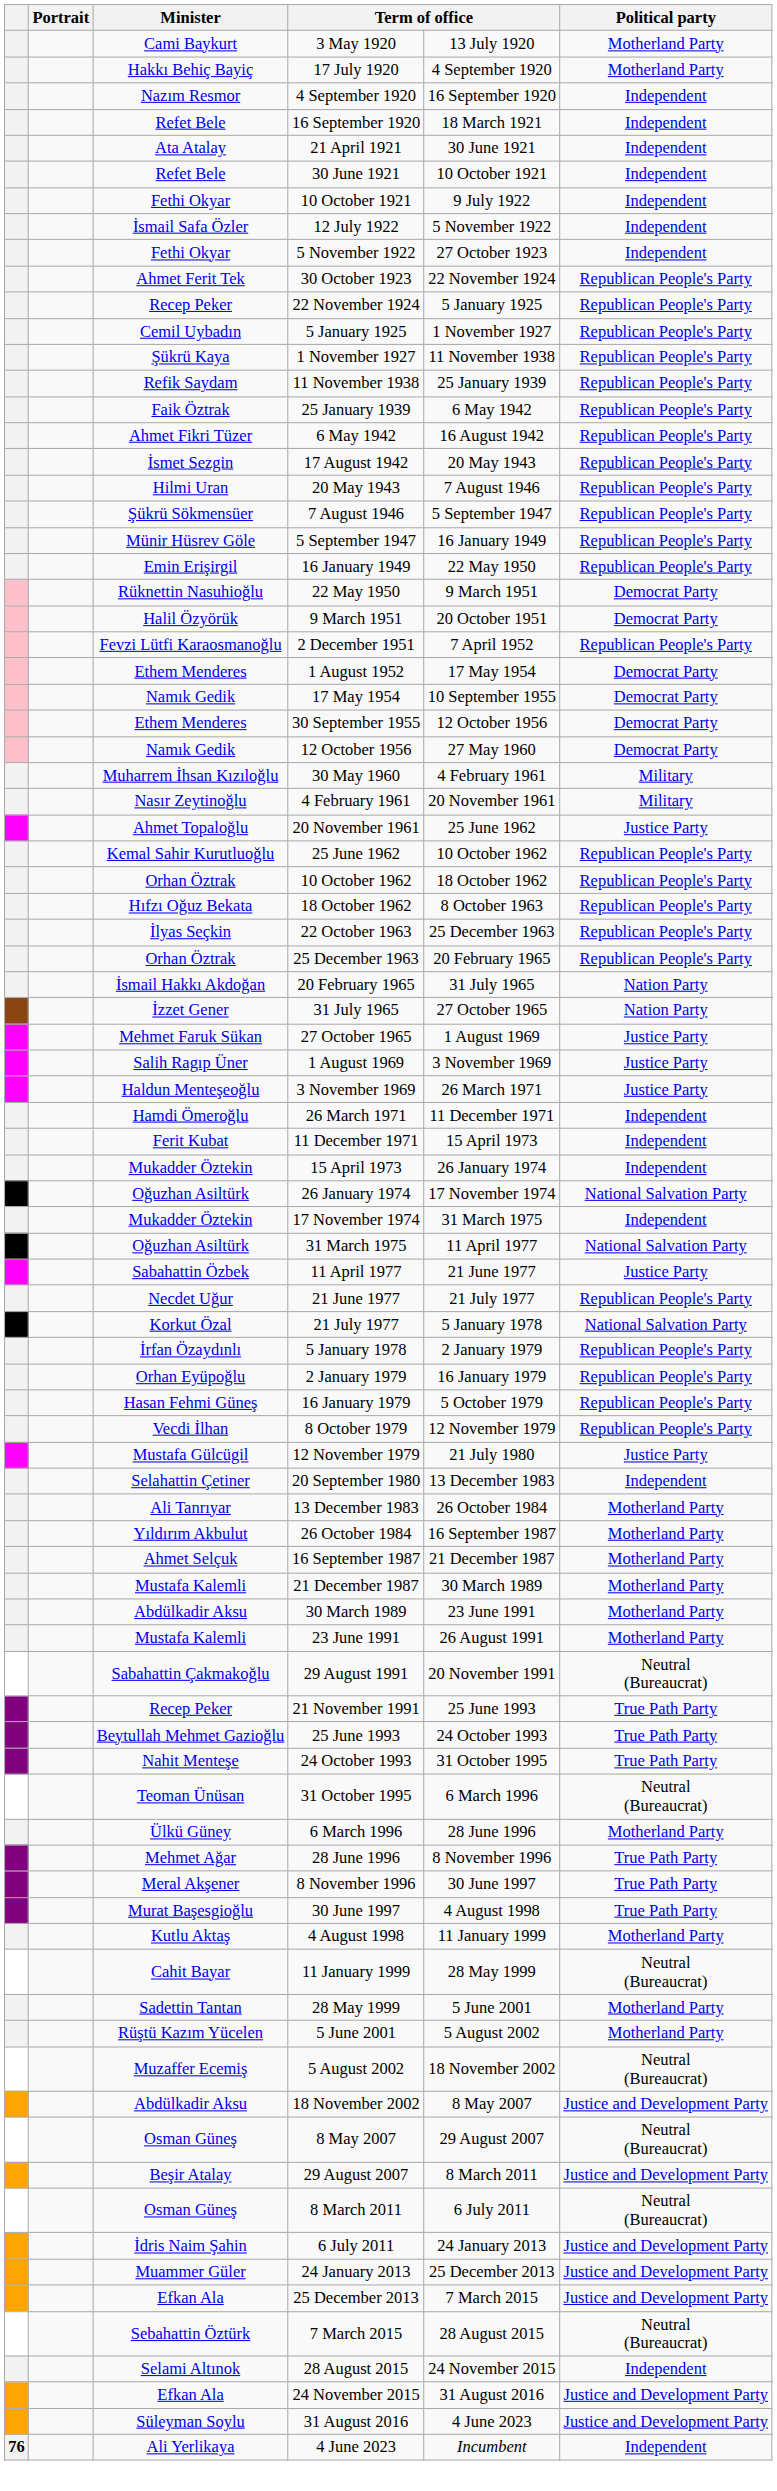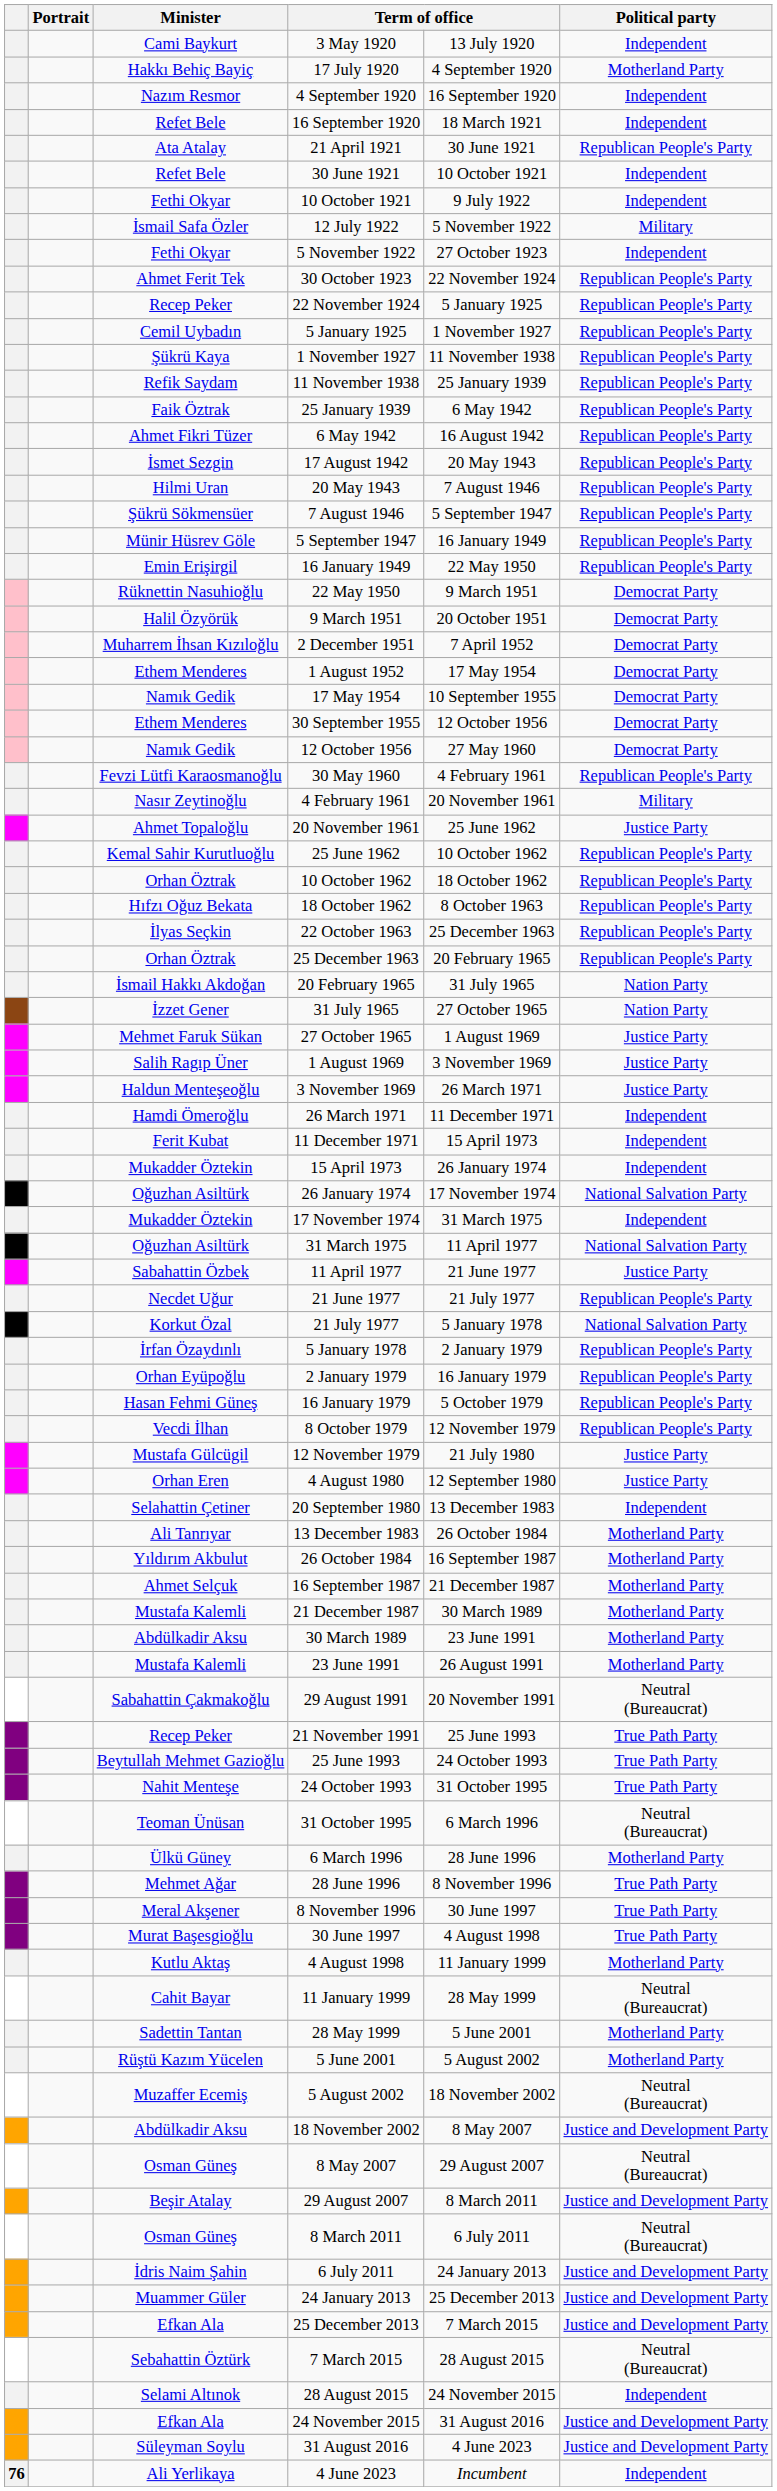 <table class="wikitable" style="text-align:center">
 <tr>
 <th></th>
 <th>Portrait</th>
 <th>Minister</th>
 <th colspan="2">Term of office</th>
 <th>Political party</th>
 </tr>
 <tr>
 <th style="background:"></th>
 <td></td>
 <td><a href='#'>Cami Baykurt</a></td>
 <td>3 May 1920</td>
 <td>13 July 1920</td>
-<td><a href='#'>Motherland Party</a></td>
+<td><a href='#'>Independent</a></td>
 </tr>
 <tr>
 <th style="background:"></th>
 <td></td>
 <td><a href='#'>Hakkı Behiç Bayiç</a></td>
 <td>17 July 1920</td>
 <td>4 September 1920</td>
 <td><a href='#'>Motherland Party</a></td>
 </tr>
 <tr>
 <th style="background:"></th>
 <td></td>
 <td><a href='#'>Nazım Resmor</a></td>
 <td>4 September 1920</td>
 <td>16 September 1920</td>
 <td><a href='#'>Independent</a></td>
 </tr>
 <tr>
 <th style="background:"></th>
 <td></td>
 <td><a href='#'>Refet Bele</a></td>
 <td>16 September 1920</td>
 <td>18 March 1921</td>
 <td><a href='#'>Independent</a></td>
 </tr>
 <tr>
 <th style="background:"></th>
 <td></td>
 <td><a href='#'>Ata Atalay</a></td>
 <td>21 April 1921</td>
 <td>30 June 1921</td>
-<td><a href='#'>Independent</a></td>
+<td><a href='#'>Republican People's Party</a></td>
 </tr>
 <tr>
 <th style="background:"></th>
 <td></td>
 <td><a href='#'>Refet Bele</a></td>
 <td>30 June 1921</td>
 <td>10 October 1921</td>
 <td><a href='#'>Independent</a></td>
 </tr>
 <tr>
 <th style="background:"></th>
 <td></td>
 <td><a href='#'>Fethi Okyar</a></td>
 <td>10 October 1921</td>
 <td>9 July 1922</td>
 <td><a href='#'>Independent</a></td>
 </tr>
 <tr>
 <th style="background:"></th>
 <td></td>
 <td><a href='#'>İsmail Safa Özler</a></td>
 <td>12 July 1922</td>
 <td>5 November 1922</td>
-<td><a href='#'>Independent</a></td>
+<td><a href='#'>Military</a></td>
 </tr>
 <tr>
 <th style="background:"></th>
 <td></td>
 <td><a href='#'>Fethi Okyar</a></td>
 <td>5 November 1922</td>
 <td>27 October 1923</td>
 <td><a href='#'>Independent</a></td>
 </tr>
 <tr>
 <th style="background:"></th>
 <td></td>
 <td><a href='#'>Ahmet Ferit Tek</a></td>
 <td>30 October 1923</td>
 <td>22 November 1924</td>
 <td><a href='#'>Republican People's Party</a></td>
 </tr>
 <tr>
 <th style="background:"></th>
 <td></td>
 <td><a href='#'>Recep Peker</a></td>
 <td>22 November 1924</td>
 <td>5 January 1925</td>
 <td><a href='#'>Republican People's Party</a></td>
 </tr>
 <tr>
 <th style="background:"></th>
 <td></td>
 <td><a href='#'>Cemil Uybadın</a></td>
 <td>5 January 1925</td>
 <td>1 November 1927</td>
 <td><a href='#'>Republican People's Party</a></td>
 </tr>
 <tr>
 <th style="background:"></th>
 <td></td>
 <td><a href='#'>Şükrü Kaya</a></td>
 <td>1 November 1927</td>
 <td>11 November 1938</td>
 <td><a href='#'>Republican People's Party</a></td>
 </tr>
 <tr>
 <th style="background:"></th>
 <td></td>
 <td><a href='#'>Refik Saydam</a></td>
 <td>11 November 1938</td>
 <td>25 January 1939</td>
 <td><a href='#'>Republican People's Party</a></td>
 </tr>
 <tr>
 <th style="background:"></th>
 <td></td>
 <td><a href='#'>Faik Öztrak</a></td>
 <td>25 January 1939</td>
 <td>6 May 1942</td>
 <td><a href='#'>Republican People's Party</a></td>
 </tr>
 <tr>
 <th style="background:"></th>
 <td></td>
 <td><a href='#'>Ahmet Fikri Tüzer</a></td>
 <td>6 May 1942</td>
 <td>16 August 1942</td>
 <td><a href='#'>Republican People's Party</a></td>
 </tr>
 <tr>
 <th style="background:"></th>
 <td></td>
 <td><a href='#'>İsmet Sezgin</a></td>
 <td>17 August 1942</td>
 <td>20 May 1943</td>
 <td><a href='#'>Republican People's Party</a></td>
 </tr>
 <tr>
 <th style="background:"></th>
 <td></td>
 <td><a href='#'>Hilmi Uran</a></td>
 <td>20 May 1943</td>
 <td>7 August 1946</td>
 <td><a href='#'>Republican People's Party</a></td>
 </tr>
 <tr>
 <th style="background:"></th>
 <td></td>
 <td><a href='#'>Şükrü Sökmensüer</a></td>
 <td>7 August 1946</td>
 <td>5 September 1947</td>
 <td><a href='#'>Republican People's Party</a></td>
 </tr>
 <tr>
 <th style="background:"></th>
 <td></td>
 <td><a href='#'>Münir Hüsrev Göle</a></td>
 <td>5 September 1947</td>
 <td>16 January 1949</td>
 <td><a href='#'>Republican People's Party</a></td>
 </tr>
 <tr>
 <th style="background:"></th>
 <td></td>
 <td><a href='#'>Emin Erişirgil</a></td>
 <td>16 January 1949</td>
 <td>22 May 1950</td>
 <td><a href='#'>Republican People's Party</a></td>
 </tr>
 <tr>
 <th style="background:pink;"></th>
 <td></td>
 <td><a href='#'>Rüknettin Nasuhioğlu</a></td>
 <td>22 May 1950</td>
 <td>9 March 1951</td>
 <td><a href='#'>Democrat Party</a></td>
 </tr>
 <tr>
 <th style="background:pink;"></th>
 <td></td>
 <td><a href='#'>Halil Özyörük</a></td>
 <td>9 March 1951</td>
 <td>20 October 1951</td>
 <td><a href='#'>Democrat Party</a></td>
 </tr>
 <tr>
 <th style="background:pink;"></th>
 <td></td>
-<td><a href='#'>Fevzi Lütfi Karaosmanoğlu</a></td>
+<td><a href='#'>Muharrem İhsan Kızıloğlu</a></td>
 <td>2 December 1951</td>
 <td>7 April 1952</td>
-<td><a href='#'>Republican People's Party</a></td>
+<td><a href='#'>Democrat Party</a></td>
 </tr>
 <tr>
 <th style="background:pink;"></th>
 <td></td>
 <td><a href='#'>Ethem Menderes</a></td>
 <td>1 August 1952</td>
 <td>17 May 1954</td>
 <td><a href='#'>Democrat Party</a></td>
 </tr>
 <tr>
 <th style="background: pink;"></th>
 <td></td>
 <td><a href='#'>Namık Gedik</a></td>
 <td>17 May 1954</td>
 <td>10 September 1955</td>
 <td><a href='#'>Democrat Party</a></td>
 </tr>
 <tr>
 <th style="background:pink;"></th>
 <td></td>
 <td><a href='#'>Ethem Menderes</a></td>
 <td>30 September 1955</td>
 <td>12 October 1956</td>
 <td><a href='#'>Democrat Party</a></td>
 </tr>
 <tr>
 <th style="background:pink;"></th>
 <td></td>
 <td><a href='#'>Namık Gedik</a></td>
 <td>12 October 1956</td>
 <td>27 May 1960</td>
 <td><a href='#'>Democrat Party</a></td>
 </tr>
 <tr>
 <th style="background:"></th>
 <td></td>
-<td><a href='#'>Muharrem İhsan Kızıloğlu</a></td>
+<td><a href='#'>Fevzi Lütfi Karaosmanoğlu</a></td>
 <td>30 May 1960</td>
 <td>4 February 1961</td>
-<td><a href='#'>Military</a></td>
+<td><a href='#'>Republican People's Party</a></td>
 </tr>
 <tr>
 <th style="background:"></th>
 <td></td>
 <td><a href='#'>Nasır Zeytinoğlu</a></td>
 <td>4 February 1961</td>
 <td>20 November 1961</td>
 <td><a href='#'>Military</a></td>
 </tr>
 <tr>
 <th style="background:magenta;"></th>
 <td></td>
 <td><a href='#'>Ahmet Topaloğlu</a></td>
 <td>20 November 1961</td>
 <td>25 June 1962</td>
 <td><a href='#'>Justice Party</a></td>
 </tr>
 <tr>
 <th style="background:"></th>
 <td></td>
 <td><a href='#'>Kemal Sahir Kurutluoğlu</a></td>
 <td>25 June 1962</td>
 <td>10 October 1962</td>
 <td><a href='#'>Republican People's Party</a></td>
 </tr>
 <tr>
 <th style="background:"></th>
 <td></td>
 <td><a href='#'>Orhan Öztrak</a><br></td>
 <td>10 October 1962</td>
 <td>18 October 1962</td>
 <td><a href='#'>Republican People's Party</a></td>
 </tr>
 <tr>
 <th style="background:"></th>
 <td></td>
 <td><a href='#'>Hıfzı Oğuz Bekata</a></td>
 <td>18 October 1962</td>
 <td>8 October 1963</td>
 <td><a href='#'>Republican People's Party</a></td>
 </tr>
 <tr>
 <th style="background:"></th>
 <td></td>
 <td><a href='#'>İlyas Seçkin</a></td>
 <td>22 October 1963</td>
 <td>25 December 1963</td>
 <td><a href='#'>Republican People's Party</a></td>
 </tr>
 <tr>
 <th style="background:"></th>
 <td></td>
 <td><a href='#'>Orhan Öztrak</a></td>
 <td>25 December 1963</td>
 <td>20 February 1965</td>
 <td><a href='#'>Republican People's Party</a></td>
 </tr>
 <tr>
 <th style="background:saddlebrown};"></th>
 <td></td>
 <td><a href='#'>İsmail Hakkı Akdoğan</a></td>
 <td>20 February 1965</td>
 <td>31 July 1965</td>
 <td><a href='#'>Nation Party</a></td>
 </tr>
 <tr>
 <th style="background:saddlebrown;"></th>
 <td></td>
 <td><a href='#'>İzzet Gener</a></td>
 <td>31 July 1965</td>
 <td>27 October 1965</td>
 <td><a href='#'>Nation Party</a></td>
 </tr>
 <tr>
 <th style="background:magenta;"></th>
 <td></td>
 <td><a href='#'>Mehmet Faruk Sükan</a></td>
 <td>27 October 1965</td>
 <td>1 August 1969</td>
 <td><a href='#'>Justice Party</a></td>
 </tr>
 <tr>
 <th style="background:magenta;"></th>
 <td></td>
 <td><a href='#'>Salih Ragıp Üner</a></td>
 <td>1 August 1969</td>
 <td>3 November 1969</td>
 <td><a href='#'>Justice Party</a></td>
 </tr>
 <tr>
 <th style="background:magenta;"></th>
 <td></td>
 <td><a href='#'>Haldun Menteşeoğlu</a></td>
 <td>3 November 1969</td>
 <td>26 March 1971</td>
 <td><a href='#'>Justice Party</a></td>
 </tr>
 <tr>
 <th style="background:"></th>
 <td></td>
 <td><a href='#'>Hamdi Ömeroğlu</a></td>
 <td>26 March 1971</td>
 <td>11 December 1971</td>
 <td><a href='#'>Independent</a></td>
 </tr>
 <tr>
 <th style="background:"></th>
 <td></td>
 <td><a href='#'>Ferit Kubat</a></td>
 <td>11 December 1971</td>
 <td>15 April 1973</td>
 <td><a href='#'>Independent</a></td>
 </tr>
 <tr>
 <th style="background:"></th>
 <td></td>
 <td><a href='#'>Mukadder Öztekin</a></td>
 <td>15 April 1973</td>
 <td>26 January 1974</td>
 <td><a href='#'>Independent</a></td>
 </tr>
 <tr>
 <th style="background:black;"></th>
 <td></td>
 <td><a href='#'>Oğuzhan Asiltürk</a></td>
 <td>26 January 1974</td>
 <td>17 November 1974</td>
 <td><a href='#'>National Salvation Party</a></td>
 </tr>
 <tr>
 <th style="background:"></th>
 <td></td>
 <td><a href='#'>Mukadder Öztekin</a></td>
 <td>17 November 1974</td>
 <td>31 March 1975</td>
 <td><a href='#'>Independent</a></td>
 </tr>
 <tr>
 <th style="background:black;"></th>
 <td></td>
 <td><a href='#'>Oğuzhan Asiltürk</a></td>
 <td>31 March 1975</td>
 <td>11 April 1977</td>
 <td><a href='#'>National Salvation Party</a></td>
 </tr>
 <tr>
 <th style="background:magenta;"></th>
 <td></td>
 <td><a href='#'>Sabahattin Özbek</a></td>
 <td>11 April 1977</td>
 <td>21 June 1977</td>
 <td><a href='#'>Justice Party</a></td>
 </tr>
 <tr>
 <th style="background:"></th>
 <td></td>
 <td><a href='#'>Necdet Uğur</a></td>
 <td>21 June 1977</td>
 <td>21 July 1977</td>
 <td><a href='#'>Republican People's Party</a></td>
 </tr>
 <tr>
 <th style="background:black;"></th>
 <td></td>
 <td><a href='#'>Korkut Özal</a></td>
 <td>21 July 1977</td>
 <td>5 January 1978</td>
 <td><a href='#'>National Salvation Party</a></td>
 </tr>
 <tr>
 <th style="background:"></th>
 <td></td>
 <td><a href='#'>İrfan Özaydınlı</a></td>
 <td>5 January 1978</td>
 <td>2 January 1979</td>
 <td><a href='#'>Republican People's Party</a></td>
 </tr>
 <tr>
 <th style="background:"></th>
 <td></td>
 <td><a href='#'>Orhan Eyüpoğlu</a><br></td>
 <td>2 January 1979</td>
 <td>16 January 1979</td>
 <td><a href='#'>Republican People's Party</a></td>
 </tr>
 <tr>
 <th style="background:"></th>
 <td></td>
 <td><a href='#'>Hasan Fehmi Güneş</a></td>
 <td>16 January 1979</td>
 <td>5 October 1979</td>
 <td><a href='#'>Republican People's Party</a></td>
 </tr>
 <tr>
 <th style="background:"></th>
 <td></td>
 <td><a href='#'>Vecdi İlhan</a></td>
 <td>8 October 1979</td>
 <td>12 November 1979</td>
 <td><a href='#'>Republican People's Party</a></td>
 </tr>
 <tr>
 <th style="background:magenta;"></th>
 <td></td>
 <td><a href='#'>Mustafa Gülcügil</a></td>
 <td>12 November 1979</td>
 <td>21 July 1980</td>
+<td><a href='#'>Justice Party</a></td>
+</tr>
+<tr>
+<th style="background:magenta;"></th>
+<td></td>
+<td><a href='#'>Orhan Eren</a></td>
+<td>4 August 1980</td>
+<td>12 September 1980</td>
 <td><a href='#'>Justice Party</a></td>
 </tr>
 <tr>
 <th style="background:"></th>
 <td></td>
 <td><a href='#'>Selahattin Çetiner</a></td>
 <td>20 September 1980</td>
 <td>13 December 1983</td>
 <td><a href='#'>Independent</a></td>
 </tr>
 <tr>
 <th style="background:"></th>
 <td></td>
 <td><a href='#'>Ali Tanrıyar</a></td>
 <td>13 December 1983</td>
 <td>26 October 1984</td>
 <td><a href='#'>Motherland Party</a></td>
 </tr>
 <tr>
 <th style="background:"></th>
 <td></td>
 <td><a href='#'>Yıldırım Akbulut</a></td>
 <td>26 October 1984</td>
 <td>16 September 1987</td>
 <td><a href='#'>Motherland Party</a></td>
 </tr>
 <tr>
 <th style="background:"></th>
 <td></td>
 <td><a href='#'>Ahmet Selçuk</a></td>
 <td>16 September 1987</td>
 <td>21 December 1987</td>
 <td><a href='#'>Motherland Party</a></td>
 </tr>
 <tr>
 <th style="background:"></th>
 <td></td>
 <td><a href='#'>Mustafa Kalemli</a></td>
 <td>21 December 1987</td>
 <td>30 March 1989</td>
 <td><a href='#'>Motherland Party</a></td>
 </tr>
 <tr>
 <th style="background:"></th>
 <td></td>
 <td><a href='#'>Abdülkadir Aksu</a></td>
 <td>30 March 1989</td>
 <td>23 June 1991</td>
 <td><a href='#'>Motherland Party</a></td>
 </tr>
 <tr>
 <th style="background:"></th>
 <td></td>
 <td><a href='#'>Mustafa Kalemli</a></td>
 <td>23 June 1991</td>
 <td>26 August 1991</td>
 <td><a href='#'>Motherland Party</a></td>
 </tr>
 <tr>
 <th style="background:White;"></th>
 <td></td>
 <td><a href='#'>Sabahattin Çakmakoğlu</a></td>
 <td>29 August 1991</td>
 <td>20 November 1991</td>
 <td>Neutral<br>(Bureaucrat)</td>
 </tr>
 <tr>
 <th style="background:purple;"></th>
 <td></td>
 <td><a href='#'>Recep Peker</a></td>
 <td>21 November 1991</td>
 <td>25 June 1993</td>
 <td><a href='#'>True Path Party</a></td>
 </tr>
 <tr>
 <th style="background:purple;"></th>
 <td></td>
 <td><a href='#'>Beytullah Mehmet Gazioğlu</a></td>
 <td>25 June 1993</td>
 <td>24 October 1993</td>
 <td><a href='#'>True Path Party</a></td>
 </tr>
 <tr>
 <th style="background:purple;"></th>
 <td></td>
 <td><a href='#'>Nahit Menteşe</a></td>
 <td>24 October 1993</td>
 <td>31 October 1995</td>
 <td><a href='#'>True Path Party</a></td>
 </tr>
 <tr>
 <th style="background:White;"></th>
 <td></td>
 <td><a href='#'>Teoman Ünüsan</a></td>
 <td>31 October 1995</td>
 <td>6 March 1996</td>
 <td>Neutral<br>(Bureaucrat)</td>
 </tr>
 <tr>
 <th style="background:"></th>
 <td></td>
 <td><a href='#'>Ülkü Güney</a></td>
 <td>6 March 1996</td>
 <td>28 June 1996</td>
 <td><a href='#'>Motherland Party</a></td>
 </tr>
 <tr>
 <th style="background:purple;"></th>
 <td></td>
 <td><a href='#'>Mehmet Ağar</a></td>
 <td>28 June 1996</td>
 <td>8 November 1996</td>
 <td><a href='#'>True Path Party</a></td>
 </tr>
 <tr>
 <th style="background:purple;"></th>
 <td></td>
 <td><a href='#'>Meral Akşener</a></td>
 <td>8 November 1996</td>
 <td>30 June 1997</td>
 <td><a href='#'>True Path Party</a></td>
 </tr>
 <tr>
 <th style="background:purple;"></th>
 <td></td>
 <td><a href='#'>Murat Başesgioğlu</a></td>
 <td>30 June 1997</td>
 <td>4 August 1998</td>
 <td><a href='#'>True Path Party</a></td>
 </tr>
 <tr>
 <th style="background:"></th>
 <td></td>
 <td><a href='#'>Kutlu Aktaş</a></td>
 <td>4 August 1998</td>
 <td>11 January 1999</td>
 <td><a href='#'>Motherland Party</a></td>
 </tr>
 <tr>
 <th style="background:White;"></th>
 <td></td>
 <td><a href='#'>Cahit Bayar</a></td>
 <td>11 January 1999</td>
 <td>28 May 1999</td>
 <td>Neutral<br>(Bureaucrat)</td>
 </tr>
 <tr>
 <th style="background:"></th>
 <td></td>
 <td><a href='#'>Sadettin Tantan</a></td>
 <td>28 May 1999</td>
 <td>5 June 2001</td>
 <td><a href='#'>Motherland Party</a></td>
 </tr>
 <tr>
 <th style="background:"></th>
 <td></td>
 <td><a href='#'>Rüştü Kazım Yücelen</a></td>
 <td>5 June 2001</td>
 <td>5 August 2002</td>
 <td><a href='#'>Motherland Party</a></td>
 </tr>
 <tr>
 <th style="background:White;"></th>
 <td></td>
 <td><a href='#'>Muzaffer Ecemiş</a></td>
 <td>5 August 2002</td>
 <td>18 November 2002</td>
 <td>Neutral<br>(Bureaucrat)</td>
 </tr>
 <tr>
 <th style="background:orange;"></th>
 <td></td>
 <td><a href='#'>Abdülkadir Aksu</a></td>
 <td>18 November 2002</td>
 <td>8 May 2007</td>
 <td><a href='#'>Justice and Development Party</a></td>
 </tr>
 <tr>
 <th style="background:White;"></th>
 <td></td>
 <td><a href='#'>Osman Güneş</a></td>
 <td>8 May 2007</td>
 <td>29 August 2007</td>
 <td>Neutral<br>(Bureaucrat)</td>
 </tr>
 <tr>
 <th style="background:orange;"></th>
 <td></td>
 <td><a href='#'>Beşir Atalay</a></td>
 <td>29 August 2007</td>
 <td>8 March 2011</td>
 <td><a href='#'>Justice and Development Party</a></td>
 </tr>
 <tr>
 <th style="background:White;"></th>
 <td></td>
 <td><a href='#'>Osman Güneş</a></td>
 <td>8 March 2011</td>
 <td>6 July 2011</td>
 <td>Neutral<br>(Bureaucrat)</td>
 </tr>
 <tr>
 <th style="background:orange;"></th>
 <td></td>
 <td><a href='#'>İdris Naim Şahin</a></td>
 <td>6 July 2011</td>
 <td>24 January 2013</td>
 <td><a href='#'>Justice and Development Party</a></td>
 </tr>
 <tr>
 <th style="background:orange;"></th>
 <td></td>
 <td><a href='#'>Muammer Güler</a></td>
 <td>24 January 2013</td>
 <td>25 December 2013</td>
 <td><a href='#'>Justice and Development Party</a></td>
 </tr>
 <tr>
 <th style="background:orange;"></th>
 <td></td>
 <td><a href='#'>Efkan Ala</a></td>
 <td>25 December 2013</td>
 <td>7 March 2015</td>
 <td><a href='#'>Justice and Development Party</a></td>
 </tr>
 <tr>
 <th style="background:White;"></th>
 <td></td>
 <td><a href='#'>Sebahattin Öztürk</a></td>
 <td>7 March 2015</td>
 <td>28 August 2015</td>
 <td>Neutral<br>(Bureaucrat)</td>
 </tr>
 <tr>
 <th style="background:"></th>
 <td></td>
 <td><a href='#'>Selami Altınok</a></td>
 <td>28 August 2015</td>
 <td>24 November 2015</td>
 <td><a href='#'>Independent</a></td>
 </tr>
 <tr>
 <th style="background:orange;"></th>
 <td></td>
 <td><a href='#'>Efkan Ala</a></td>
 <td>24 November 2015</td>
 <td>31 August 2016</td>
 <td><a href='#'>Justice and Development Party</a></td>
 </tr>
 <tr>
 <th style="background:orange;"></th>
 <td></td>
 <td><a href='#'>Süleyman Soylu</a></td>
 <td>31 August 2016</td>
 <td>4 June 2023</td>
 <td><a href='#'>Justice and Development Party</a></td>
 </tr>
 <tr>
 <th style="background:">76</th>
 <td></td>
 <td><a href='#'>Ali Yerlikaya</a></td>
 <td>4 June 2023</td>
 <td><em>Incumbent</em></td>
 <td><a href='#'>Independent</a></td>
 </tr>
 </table>
